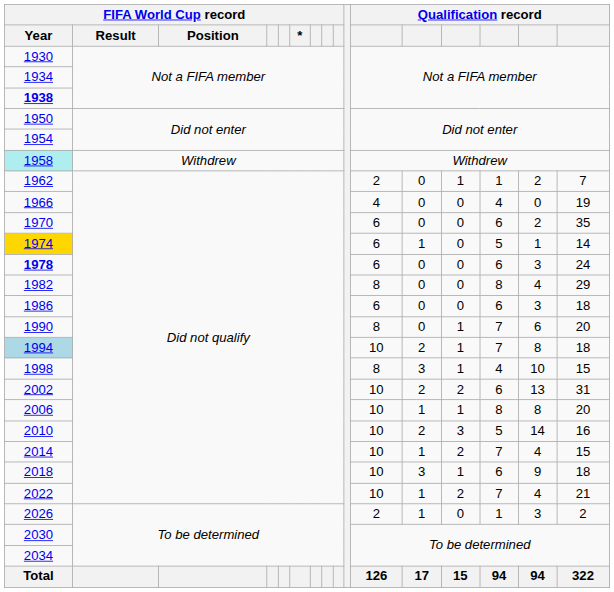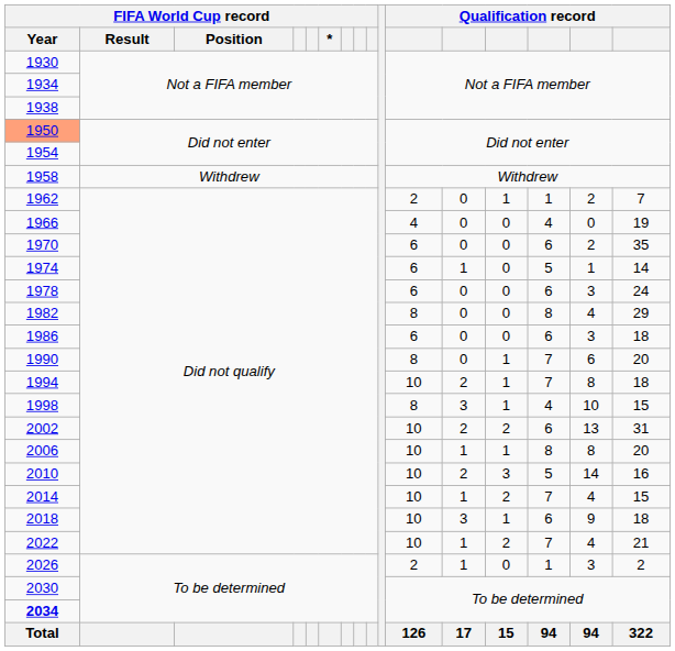 <table class="wikitable" style="text-align: center;">
 <tr>
 <th colspan=9><a href='#'>FIFA World Cup</a> record</th>
 <th width=1% rowspan=28></th>
 <th colspan=6><a href='#'>Qualification</a> record</th>
 </tr>
 <tr>
 <th>Year</th>
 <th>Result</th>
 <th>Position</th>
 <th></th>
 <th></th>
 <th>*</th>
 <th></th>
 <th></th>
 <th></th>
 <th></th>
 <th></th>
 <th></th>
 <th></th>
 <th></th>
 <th></th>
 </tr>
 <tr>
 <td> <a href='#'>1930</a></td>
 <td colspan=8 rowspan=3><em>Not a FIFA member</em></td>
 <td colspan=6 rowspan=3><em>Not a FIFA member</em></td>
 </tr>
 <tr>
 <td> <a href='#'>1934</a></td>
 </tr>
 <tr>
-<td><strong> <a href='#'>1938</a></strong></td>
+<td> <a href='#'>1938</a></td>
 </tr>
 <tr>
-<td> <a href='#'>1950</a></td>
+<td style="background: lightsalmon;"> <a href='#'>1950</a></td>
 <td colspan=8 rowspan=2><em>Did not enter</em></td>
 <td colspan=6 rowspan=2><em>Did not enter</em></td>
 </tr>
 <tr>
 <td> <a href='#'>1954</a></td>
 </tr>
 <tr>
-<td style="background: paleturquoise;"> <a href='#'>1958</a></td>
+<td> <a href='#'>1958</a></td>
 <td colspan=8><em>Withdrew</em></td>
 <td colspan=6><em>Withdrew</em></td>
 </tr>
 <tr>
 <td> <a href='#'>1962</a></td>
 <td colspan=8 rowspan=16><em>Did not qualify</em></td>
 <td>2</td>
 <td>0</td>
 <td>1</td>
 <td>1</td>
 <td>2</td>
 <td>7</td>
 </tr>
 <tr>
 <td> <a href='#'>1966</a></td>
 <td>4</td>
 <td>0</td>
 <td>0</td>
 <td>4</td>
 <td>0</td>
 <td>19</td>
 </tr>
 <tr>
 <td> <a href='#'>1970</a></td>
 <td>6</td>
 <td>0</td>
 <td>0</td>
 <td>6</td>
 <td>2</td>
 <td>35</td>
 </tr>
 <tr>
-<td style="background: gold;"> <a href='#'>1974</a></td>
+<td> <a href='#'>1974</a></td>
 <td>6</td>
 <td>1</td>
 <td>0</td>
 <td>5</td>
 <td>1</td>
 <td>14</td>
 </tr>
 <tr>
-<td><strong> <a href='#'>1978</a></strong></td>
+<td> <a href='#'>1978</a></td>
 <td>6</td>
 <td>0</td>
 <td>0</td>
 <td>6</td>
 <td>3</td>
 <td>24</td>
 </tr>
 <tr>
 <td> <a href='#'>1982</a></td>
 <td>8</td>
 <td>0</td>
 <td>0</td>
 <td>8</td>
 <td>4</td>
 <td>29</td>
 </tr>
 <tr>
 <td> <a href='#'>1986</a></td>
 <td>6</td>
 <td>0</td>
 <td>0</td>
 <td>6</td>
 <td>3</td>
 <td>18</td>
 </tr>
 <tr>
 <td> <a href='#'>1990</a></td>
 <td>8</td>
 <td>0</td>
 <td>1</td>
 <td>7</td>
 <td>6</td>
 <td>20</td>
 </tr>
 <tr>
-<td style="background: lightblue;"> <a href='#'>1994</a></td>
+<td> <a href='#'>1994</a></td>
 <td>10</td>
 <td>2</td>
 <td>1</td>
 <td>7</td>
 <td>8</td>
 <td>18</td>
 </tr>
 <tr>
 <td> <a href='#'>1998</a></td>
 <td>8</td>
 <td>3</td>
 <td>1</td>
 <td>4</td>
 <td>10</td>
 <td>15</td>
 </tr>
 <tr>
 <td>  <a href='#'>2002</a></td>
 <td>10</td>
 <td>2</td>
 <td>2</td>
 <td>6</td>
 <td>13</td>
 <td>31</td>
 </tr>
 <tr>
 <td> <a href='#'>2006</a></td>
 <td>10</td>
 <td>1</td>
 <td>1</td>
 <td>8</td>
 <td>8</td>
 <td>20</td>
 </tr>
 <tr>
 <td> <a href='#'>2010</a></td>
 <td>10</td>
 <td>2</td>
 <td>3</td>
 <td>5</td>
 <td>14</td>
 <td>16</td>
 </tr>
 <tr>
 <td> <a href='#'>2014</a></td>
 <td>10</td>
 <td>1</td>
 <td>2</td>
 <td>7</td>
 <td>4</td>
 <td>15</td>
 </tr>
 <tr>
 <td> <a href='#'>2018</a></td>
 <td>10</td>
 <td>3</td>
 <td>1</td>
 <td>6</td>
 <td>9</td>
 <td>18</td>
 </tr>
 <tr>
 <td> <a href='#'>2022</a></td>
 <td>10</td>
 <td>1</td>
 <td>2</td>
 <td>7</td>
 <td>4</td>
 <td>21</td>
 </tr>
 <tr>
 <td>   <a href='#'>2026</a></td>
 <td colspan=8 rowspan=3><em>To be determined</em></td>
 <td>2</td>
 <td>1</td>
 <td>0</td>
 <td>1</td>
 <td>3</td>
 <td>2</td>
 </tr>
 <tr>
 <td>   <a href='#'>2030</a></td>
 <td colspan=6 rowspan=2><em>To be determined</em></td>
 </tr>
 <tr>
-<td> <a href='#'>2034</a></td>
+<td><strong> <a href='#'>2034</a></strong></td>
 </tr>
 <tr>
 <th>Total</th>
 <th></th>
 <th></th>
 <th></th>
 <th></th>
 <th></th>
 <th></th>
 <th></th>
 <th></th>
 <th>126</th>
 <th>17</th>
 <th>15</th>
 <th>94</th>
 <th>94</th>
 <th>322</th>
 </tr>
 </table>
